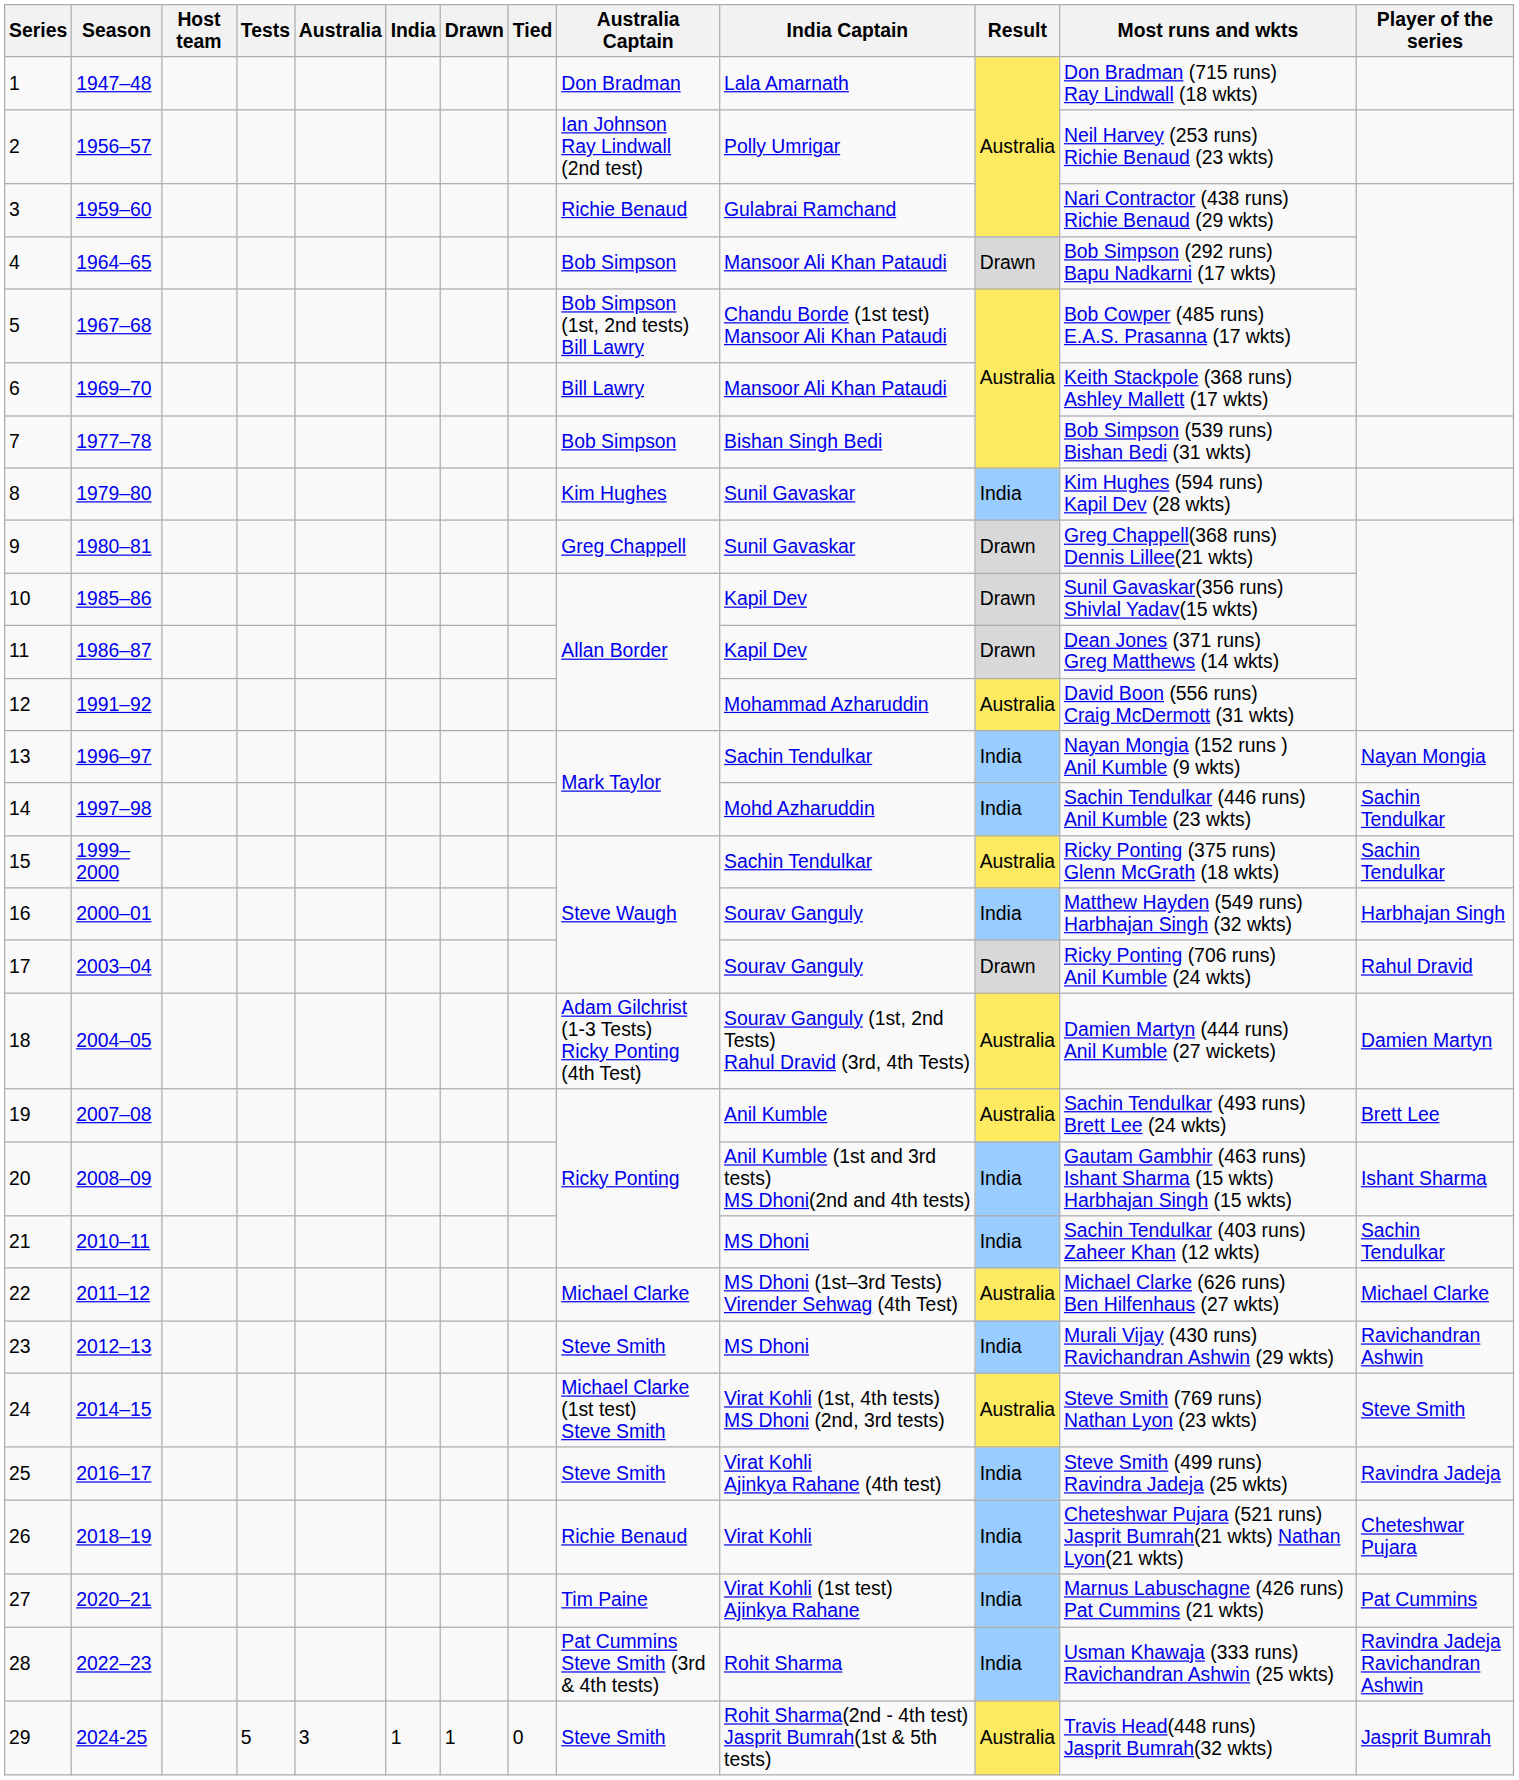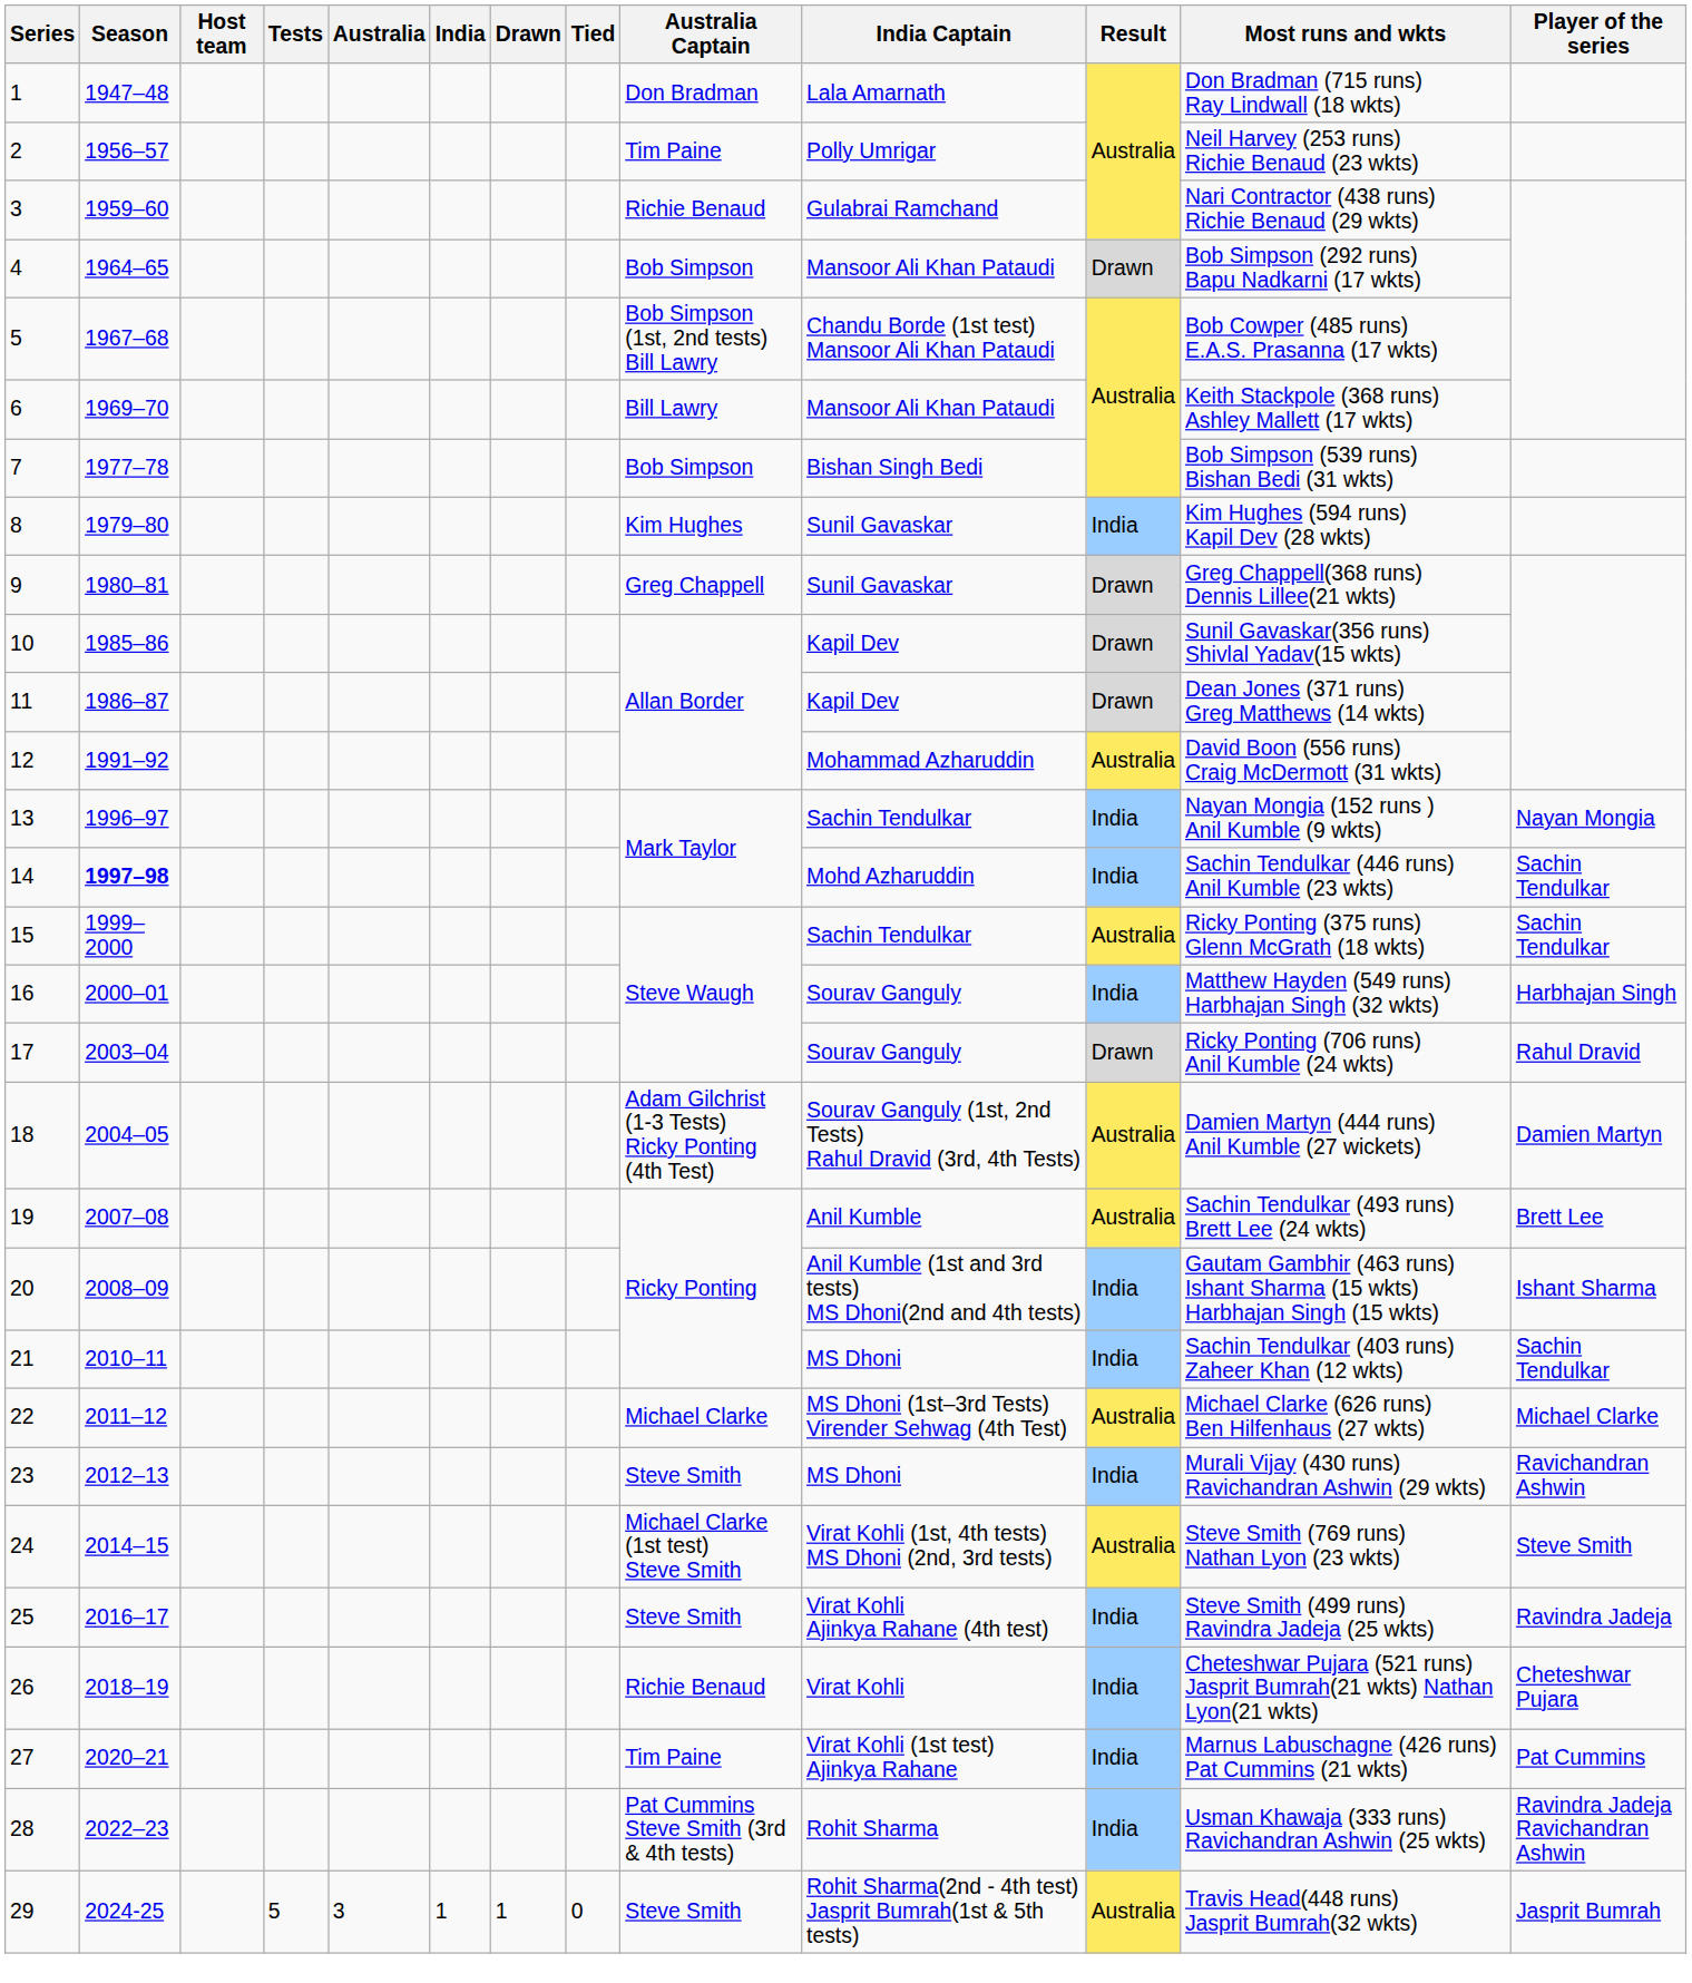 <table class="wikitable sortable">
 <tr>
 <th>Series</th>
 <th scope="col">Season</th>
 <th scope="col">Host team</th>
 <th scope="col">Tests</th>
 <th scope="col">Australia</th>
 <th scope="col">  India</th>
 <th scope="col">Drawn</th>
 <th scope="col">Tied</th>
 <th>Australia Captain</th>
 <th>India Captain</th>
 <th scope="col" class="unsortable">Result</th>
 <th>Most runs and wkts</th>
 <th>Player of the series</th>
 </tr>
 <tr>
 <td>1</td>
 <td><a href='#'>1947–48</a></td>
 <td></td>
 <td></td>
 <td></td>
 <td></td>
 <td></td>
 <td></td>
 <td><a href='#'>Don Bradman</a></td>
 <td><a href='#'>Lala Amarnath</a></td>
 <td rowspan="3" bgcolor="#fdea60"> Australia</td>
 <td><a href='#'>Don Bradman</a> (715 runs)<br><a href='#'>Ray Lindwall</a> (18 wkts)</td>
 </tr>
 <tr>
 <td>2</td>
 <td><a href='#'>1956–57</a></td>
 <td></td>
 <td></td>
 <td></td>
 <td></td>
 <td></td>
 <td></td>
-<td><a href='#'>Ian Johnson</a><br><a href='#'>Ray Lindwall</a> (2nd test)</td>
+<td><a href='#'>Tim Paine</a></td>
 <td><a href='#'>Polly Umrigar</a></td>
 <td><a href='#'>Neil Harvey</a> (253 runs)<br><a href='#'>Richie Benaud</a> (23 wkts)</td>
 <td></td>
 </tr>
 <tr>
 <td>3</td>
 <td><a href='#'>1959–60</a></td>
 <td></td>
 <td></td>
 <td></td>
 <td></td>
 <td></td>
 <td></td>
 <td><a href='#'>Richie Benaud</a></td>
 <td><a href='#'>Gulabrai Ramchand</a></td>
 <td><a href='#'>Nari Contractor</a> (438 runs)<br><a href='#'>Richie Benaud</a> (29 wkts)</td>
 </tr>
 <tr>
 <td>4</td>
 <td><a href='#'>1964–65</a></td>
 <td></td>
 <td></td>
 <td></td>
 <td></td>
 <td></td>
 <td></td>
 <td><a href='#'>Bob Simpson</a></td>
 <td><a href='#'>Mansoor  Ali Khan Pataudi</a></td>
 <td bgcolor="#d8d8d8">Drawn</td>
 <td><a href='#'>Bob Simpson</a> (292 runs)<br><a href='#'>Bapu Nadkarni</a> (17 wkts)</td>
 </tr>
 <tr>
 <td>5</td>
 <td><a href='#'>1967–68</a></td>
 <td></td>
 <td></td>
 <td></td>
 <td></td>
 <td></td>
 <td></td>
 <td><a href='#'>Bob Simpson</a> (1st, 2nd tests)<br><a href='#'>Bill Lawry</a></td>
 <td><a href='#'>Chandu Borde</a> (1st test) <a href='#'>Mansoor Ali Khan Pataudi</a></td>
 <td rowspan="3" bgcolor="#fdea60">Australia</td>
 <td><a href='#'>Bob Cowper</a> (485 runs)<br><a href='#'>E.A.S. Prasanna</a> (17 wkts)</td>
 </tr>
 <tr>
 <td>6</td>
 <td><a href='#'>1969–70</a></td>
 <td></td>
 <td></td>
 <td></td>
 <td></td>
 <td></td>
 <td></td>
 <td><a href='#'>Bill Lawry</a></td>
 <td><a href='#'>Mansoor Ali Khan Pataudi</a></td>
 <td><a href='#'>Keith Stackpole</a> (368 runs)<br><a href='#'>Ashley Mallett</a> (17 wkts)</td>
 </tr>
 <tr>
 <td>7</td>
 <td><a href='#'>1977–78</a></td>
 <td></td>
 <td></td>
 <td></td>
 <td></td>
 <td></td>
 <td></td>
 <td><a href='#'>Bob Simpson</a></td>
 <td><a href='#'>Bishan Singh Bedi</a></td>
 <td><a href='#'>Bob Simpson</a> (539 runs)<br><a href='#'>Bishan Bedi</a> (31 wkts)</td>
 <td></td>
 </tr>
 <tr>
 <td>8</td>
 <td><a href='#'>1979–80</a></td>
 <td></td>
 <td></td>
 <td></td>
 <td></td>
 <td></td>
 <td></td>
 <td><a href='#'>Kim Hughes</a></td>
 <td><a href='#'>Sunil Gavaskar</a></td>
 <td bgcolor="#99ccff">India</td>
 <td><a href='#'>Kim Hughes</a> (594 runs)<br><a href='#'>Kapil Dev</a> (28 wkts)</td>
 <td></td>
 </tr>
 <tr>
 <td>9</td>
 <td><a href='#'>1980–81</a></td>
 <td></td>
 <td></td>
 <td></td>
 <td></td>
 <td></td>
 <td></td>
 <td><a href='#'>Greg Chappell</a></td>
 <td><a href='#'>Sunil Gavaskar</a></td>
 <td bgcolor="#d8d8d8">Drawn</td>
 <td><a href='#'>Greg Chappell</a>(368 runs)<br><a href='#'>Dennis Lillee</a>(21 wkts)</td>
 </tr>
 <tr>
 <td>10</td>
 <td><a href='#'>1985–86</a></td>
 <td></td>
 <td></td>
 <td></td>
 <td></td>
 <td></td>
 <td></td>
 <td rowspan="3"><a href='#'>Allan Border</a></td>
 <td><a href='#'>Kapil Dev</a></td>
 <td bgcolor="#d8d8d8">Drawn</td>
 <td><a href='#'>Sunil Gavaskar</a>(356 runs)<br><a href='#'>Shivlal Yadav</a>(15 wkts)</td>
 </tr>
 <tr>
 <td>11</td>
 <td><a href='#'>1986–87</a></td>
 <td></td>
 <td></td>
 <td></td>
 <td></td>
 <td></td>
 <td></td>
 <td><a href='#'>Kapil Dev</a></td>
 <td bgcolor="#d8d8d8">Drawn</td>
 <td><a href='#'>Dean Jones</a> (371 runs)<br><a href='#'>Greg Matthews</a> (14 wkts)</td>
 </tr>
 <tr>
 <td>12</td>
 <td><a href='#'>1991–92</a></td>
 <td></td>
 <td></td>
 <td></td>
 <td></td>
 <td></td>
 <td></td>
 <td><a href='#'>Mohammad Azharuddin</a></td>
 <td bgcolor="#fdea60">Australia</td>
 <td><a href='#'>David Boon</a> (556 runs)<br><a href='#'>Craig McDermott</a> (31 wkts)</td>
 </tr>
 <tr>
 <td>13</td>
 <td><a href='#'>1996–97</a></td>
 <td></td>
 <td></td>
 <td></td>
 <td></td>
 <td></td>
 <td></td>
 <td rowspan="2"><a href='#'>Mark Taylor</a></td>
 <td><a href='#'>Sachin Tendulkar</a></td>
 <td bgcolor="#99ccff">India</td>
 <td><a href='#'>Nayan Mongia</a> (152 runs )<br><a href='#'>Anil Kumble</a> (9 wkts)</td>
 <td> <a href='#'>Nayan Mongia</a></td>
 </tr>
 <tr>
 <td>14</td>
-<td><a href='#'>1997–98</a></td>
+<td><strong><a href='#'>1997–98</a></strong></td>
 <td></td>
 <td></td>
 <td></td>
 <td></td>
 <td></td>
 <td></td>
 <td><a href='#'>Mohd Azharuddin</a></td>
 <td bgcolor="#99ccff">India</td>
 <td><a href='#'>Sachin Tendulkar</a> (446 runs)<br><a href='#'>Anil Kumble</a> (23  wkts)</td>
 <td> <a href='#'>Sachin Tendulkar</a></td>
 </tr>
 <tr>
 <td>15</td>
 <td><a href='#'>1999–2000</a></td>
 <td></td>
 <td></td>
 <td></td>
 <td></td>
 <td></td>
 <td></td>
 <td rowspan="3"><a href='#'>Steve Waugh</a></td>
 <td><a href='#'>Sachin Tendulkar</a></td>
 <td bgcolor="#fdea60">Australia</td>
 <td><a href='#'>Ricky Ponting</a> (375 runs)<br><a href='#'>Glenn McGrath</a> (18 wkts)</td>
 <td> <a href='#'>Sachin Tendulkar</a></td>
 </tr>
 <tr>
 <td>16</td>
 <td><a href='#'>2000–01</a></td>
 <td></td>
 <td></td>
 <td></td>
 <td></td>
 <td></td>
 <td></td>
 <td><a href='#'>Sourav Ganguly</a></td>
 <td bgcolor="#99ccff">India</td>
 <td><a href='#'>Matthew Hayden</a> (549 runs)<br><a href='#'>Harbhajan Singh</a> (32 wkts)</td>
 <td> <a href='#'>Harbhajan Singh</a></td>
 </tr>
 <tr>
 <td>17</td>
 <td><a href='#'>2003–04</a></td>
 <td></td>
 <td></td>
 <td></td>
 <td></td>
 <td></td>
 <td></td>
 <td><a href='#'>Sourav Ganguly</a></td>
 <td bgcolor="#d8d8d8">Drawn</td>
 <td><a href='#'>Ricky Ponting</a> (706 runs)<br><a href='#'>Anil Kumble</a> (24 wkts)</td>
 <td> <a href='#'>Rahul Dravid</a></td>
 </tr>
 <tr>
 <td>18</td>
 <td><a href='#'>2004–05</a></td>
 <td></td>
 <td></td>
 <td></td>
 <td></td>
 <td></td>
 <td></td>
 <td><a href='#'>Adam Gilchrist</a> (1-3 Tests)<br><a href='#'>Ricky Ponting</a> (4th Test)</td>
 <td><a href='#'>Sourav Ganguly</a> (1st, 2nd Tests)<br><a href='#'>Rahul Dravid</a> (3rd, 4th Tests)</td>
 <td bgcolor="#fdea60">Australia</td>
 <td><a href='#'>Damien Martyn</a> (444 runs)<br><a href='#'>Anil Kumble</a> (27 wickets)</td>
 <td> <a href='#'>Damien Martyn</a></td>
 </tr>
 <tr>
 <td>19</td>
 <td><a href='#'>2007–08</a></td>
 <td></td>
 <td></td>
 <td></td>
 <td></td>
 <td></td>
 <td></td>
 <td rowspan="3"><a href='#'>Ricky Ponting</a></td>
 <td><a href='#'>Anil Kumble</a></td>
 <td bgcolor="#fdea60">Australia</td>
 <td><a href='#'>Sachin Tendulkar</a> (493 runs)<br><a href='#'>Brett Lee</a> (24 wkts)</td>
 <td> <a href='#'>Brett Lee</a></td>
 </tr>
 <tr>
 <td>20</td>
 <td><a href='#'>2008–09</a></td>
 <td></td>
 <td></td>
 <td></td>
 <td></td>
 <td></td>
 <td></td>
 <td><a href='#'>Anil Kumble</a> (1st and 3rd tests)<br><a href='#'>MS Dhoni</a>(2nd and 4th tests)</td>
 <td bgcolor="#99ccff">India</td>
 <td><a href='#'>Gautam Gambhir</a> (463 runs)<br><a href='#'>Ishant Sharma</a> (15 wkts) <a href='#'>Harbhajan Singh</a> (15 wkts)</td>
 <td> <a href='#'>Ishant Sharma</a></td>
 </tr>
 <tr>
 <td>21</td>
 <td><a href='#'>2010–11</a></td>
 <td></td>
 <td></td>
 <td></td>
 <td></td>
 <td></td>
 <td></td>
 <td><a href='#'>MS Dhoni</a></td>
 <td bgcolor="#99ccff">India</td>
 <td><a href='#'>Sachin Tendulkar</a> (403 runs)<br><a href='#'>Zaheer Khan</a> (12 wkts)</td>
 <td> <a href='#'>Sachin Tendulkar</a></td>
 </tr>
 <tr>
 <td>22</td>
 <td><a href='#'>2011–12</a></td>
 <td></td>
 <td></td>
 <td></td>
 <td></td>
 <td></td>
 <td></td>
 <td><a href='#'>Michael Clarke</a></td>
 <td><a href='#'>MS Dhoni</a> (1st–3rd Tests)<br><a href='#'>Virender Sehwag</a> (4th Test)</td>
 <td bgcolor="#fdea60">Australia</td>
 <td><a href='#'>Michael Clarke</a> (626 runs)<br><a href='#'>Ben Hilfenhaus</a> (27 wkts)</td>
 <td> <a href='#'>Michael Clarke</a></td>
 </tr>
 <tr>
 <td>23</td>
 <td><a href='#'>2012–13</a></td>
 <td></td>
 <td></td>
 <td></td>
 <td></td>
 <td></td>
 <td></td>
 <td><a href='#'>Steve Smith</a></td>
 <td><a href='#'>MS Dhoni</a></td>
 <td bgcolor="#99ccff">India</td>
 <td><a href='#'>Murali Vijay</a> (430 runs)<br><a href='#'>Ravichandran Ashwin</a> (29 wkts)</td>
 <td> <a href='#'>Ravichandran Ashwin</a></td>
 </tr>
 <tr>
 <td>24</td>
 <td><a href='#'>2014–15</a></td>
 <td></td>
 <td></td>
 <td></td>
 <td></td>
 <td></td>
 <td></td>
 <td><a href='#'>Michael Clarke</a> (1st test)<br><a href='#'>Steve Smith</a></td>
 <td><a href='#'>Virat Kohli</a> (1st, 4th tests)<br><a href='#'>MS Dhoni</a> (2nd, 3rd tests)</td>
 <td bgcolor="#fdea60">Australia</td>
 <td><a href='#'>Steve Smith</a> (769 runs)<br><a href='#'>Nathan Lyon</a> (23 wkts)</td>
 <td> <a href='#'>Steve Smith</a></td>
 </tr>
 <tr>
 <td>25</td>
 <td><a href='#'>2016–17</a></td>
 <td></td>
 <td></td>
 <td></td>
 <td></td>
 <td></td>
 <td></td>
 <td><a href='#'>Steve Smith</a></td>
 <td><a href='#'>Virat Kohli</a><br><a href='#'>Ajinkya Rahane</a> (4th test)</td>
 <td bgcolor="#99ccff">India</td>
 <td><a href='#'>Steve Smith</a> (499 runs)<br><a href='#'>Ravindra Jadeja</a> (25 wkts)</td>
 <td> <a href='#'>Ravindra Jadeja</a></td>
 </tr>
 <tr>
 <td>26</td>
 <td><a href='#'>2018–19</a></td>
 <td></td>
 <td></td>
 <td></td>
 <td></td>
 <td></td>
 <td></td>
 <td><a href='#'>Richie Benaud</a></td>
 <td><a href='#'>Virat Kohli</a></td>
 <td bgcolor="#99ccff">India</td>
 <td><a href='#'>Cheteshwar Pujara</a> (521 runs)<br><a href='#'>Jasprit Bumrah</a>(21 wkts) <a href='#'>Nathan Lyon</a>(21 wkts)</td>
 <td> <a href='#'>Cheteshwar Pujara</a></td>
 </tr>
 <tr>
 <td>27</td>
 <td><a href='#'>2020–21</a></td>
 <td></td>
 <td></td>
 <td></td>
 <td></td>
 <td></td>
 <td></td>
 <td><a href='#'>Tim Paine</a></td>
 <td><a href='#'>Virat Kohli</a> (1st test)<br><a href='#'>Ajinkya Rahane</a></td>
 <td bgcolor="#99ccff">India</td>
 <td><a href='#'>Marnus Labuschagne</a> (426 runs)<br><a href='#'>Pat Cummins</a> (21 wkts)</td>
 <td> <a href='#'>Pat Cummins</a></td>
 </tr>
 <tr>
 <td>28</td>
 <td><a href='#'>2022–23</a></td>
 <td></td>
 <td></td>
 <td></td>
 <td></td>
 <td></td>
 <td></td>
 <td><a href='#'>Pat Cummins</a><br><a href='#'>Steve Smith</a> (3rd & 4th tests)</td>
 <td><a href='#'>Rohit Sharma</a></td>
 <td bgcolor="#99ccff">India</td>
 <td><a href='#'>Usman Khawaja</a> (333 runs) <a href='#'>Ravichandran Ashwin</a> (25 wkts)</td>
 <td> <a href='#'>Ravindra Jadeja</a><br> <a href='#'>Ravichandran Ashwin</a></td>
 </tr>
 <tr>
 <td>29</td>
 <td><a href='#'>2024-25</a></td>
 <td></td>
 <td>5</td>
 <td>3</td>
 <td>1</td>
 <td>1</td>
 <td>0</td>
 <td><a href='#'>Steve Smith</a></td>
 <td><a href='#'>Rohit Sharma</a>(2nd - 4th test)<br><a href='#'>Jasprit Bumrah</a>(1st & 5th tests)</td>
 <td bgcolor="#fdea60">Australia</td>
 <td><a href='#'>Travis Head</a>(448 runs)<br><a href='#'>Jasprit Bumrah</a>(32 wkts)</td>
 <td> <a href='#'>Jasprit Bumrah</a></td>
 </tr>
 </table>
